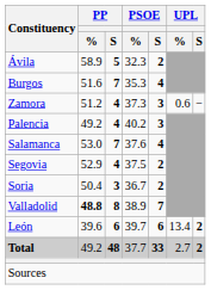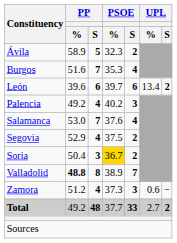 <table class="wikitable sortable" style="text-align:right; line-height:20px;">
 <tr>
 <th rowspan="3">Constituency</th>
 <th colspan="2" width="30px" class="unsortable"><a href='#'>PP</a></th>
 <th colspan="2" width="30px" class="unsortable"><a href='#'>PSOE</a></th>
 <th colspan="2" width="30px" class="unsortable"><a href='#'>UPL</a></th>
 </tr>
 <tr>
 <th colspan="2" style="background:"></th>
 <th colspan="2" style="background:"></th>
 <th colspan="2" style="background:"></th>
 </tr>
 <tr>
 <th data-sort-type="number">%</th>
 <th data-sort-type="number">S</th>
 <th data-sort-type="number">%</th>
 <th data-sort-type="number">S</th>
 <th data-sort-type="number">%</th>
 <th data-sort-type="number">S</th>
 </tr>
 <tr>
 <td align="left"><a href='#'>Ávila</a></td>
 <td style="background:">58.9</td>
 <td><strong>5</strong></td>
 <td>32.3</td>
 <td><strong>2</strong></td>
 <td colspan="2" rowspan="2" bgcolor="#AAAAAA"></td>
 </tr>
 <tr>
 <td align="left"><a href='#'>Burgos</a></td>
 <td style="background:">51.6</td>
 <td><strong>7</strong></td>
 <td>35.3</td>
 <td><strong>4</strong></td>
 </tr>
 <tr>
-<td align="left"><a href='#'>Zamora</a></td>
-<td style="background:">51.2</td>
-<td><strong>4</strong></td>
-<td>37.3</td>
-<td><strong>3</strong></td>
-<td>0.6</td>
-<td>−</td>
+<td align="left"><a href='#'>León</a></td>
+<td>39.6</td>
+<td><strong>6</strong></td>
+<td style="background:">39.7</td>
+<td><strong>6</strong></td>
+<td>13.4</td>
+<td><strong>2</strong></td>
 </tr>
 <tr>
 <td align="left"><a href='#'>Palencia</a></td>
 <td style="background:">49.2</td>
 <td><strong>4</strong></td>
 <td>40.2</td>
 <td><strong>3</strong></td>
 <td colspan="2" rowspan="5" bgcolor="#AAAAAA"></td>
 </tr>
 <tr>
 <td align="left"><a href='#'>Salamanca</a></td>
 <td style="background:">53.0</td>
 <td><strong>7</strong></td>
 <td>37.6</td>
 <td><strong>4</strong></td>
 </tr>
 <tr>
 <td align="left"><a href='#'>Segovia</a></td>
 <td style="background:">52.9</td>
 <td><strong>4</strong></td>
 <td>37.5</td>
 <td><strong>2</strong></td>
 </tr>
 <tr>
 <td align="left"><a href='#'>Soria</a></td>
 <td style="background:">50.4</td>
 <td><strong>3</strong></td>
-<td>36.7</td>
+<td style="background: gold;">36.7</td>
 <td><strong>2</strong></td>
 </tr>
 <tr>
 <td align="left"><a href='#'>Valladolid</a></td>
 <td style="background:"><strong>48.8</strong></td>
 <td><strong>8</strong></td>
 <td>38.9</td>
 <td><strong>7</strong></td>
 </tr>
 <tr>
-<td align="left"><a href='#'>León</a></td>
-<td>39.6</td>
-<td><strong>6</strong></td>
-<td style="background:">39.7</td>
-<td><strong>6</strong></td>
-<td>13.4</td>
-<td><strong>2</strong></td>
+<td align="left"><a href='#'>Zamora</a></td>
+<td style="background:">51.2</td>
+<td><strong>4</strong></td>
+<td>37.3</td>
+<td><strong>3</strong></td>
+<td>0.6</td>
+<td>−</td>
 </tr>
 <tr style="background:#CDCDCD;">
 <td align="left"><strong>Total</strong></td>
 <td style="background:">49.2</td>
 <td><strong>48</strong></td>
 <td>37.7</td>
 <td><strong>33</strong></td>
 <td>2.7</td>
 <td><strong>2</strong></td>
 </tr>
 <tr>
 <th colspan="7"></th>
 </tr>
 <tr>
 <th style="text-align:left; font-weight:normal; background:#F9F9F9" colspan="7">Sources</th>
 </tr>
 </table>
